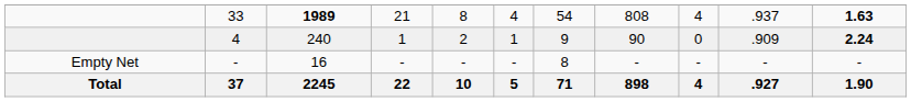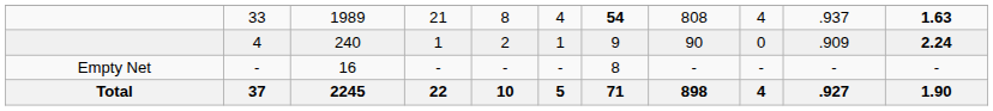 <table class="wikitable sortable" width ="1000">
 <tr align="center">
 </tr>
 <tr align="center">
 <td></td>
 <td>33</td>
-<td><strong>1989</strong></td>
+<td>1989</td>
 <td>21</td>
 <td>8</td>
 <td>4</td>
-<td>54</td>
+<td><strong>54</strong></td>
 <td>808</td>
 <td>4</td>
 <td>.937</td>
 <td><strong>1.63</strong></td>
 </tr>
 <tr align="center" bgcolor="#f0f0f0">
 <td></td>
 <td>4</td>
 <td>240</td>
 <td>1</td>
 <td>2</td>
 <td>1</td>
 <td>9</td>
 <td>90</td>
 <td>0</td>
 <td>.909</td>
 <td><strong>2.24</strong></td>
 </tr>
 <tr align="center" bgcolor="">
 <td>Empty Net</td>
 <td>-</td>
 <td>16</td>
 <td>-</td>
 <td>-</td>
 <td>-</td>
 <td>8</td>
 <td>-</td>
 <td>-</td>
 <td>-</td>
 <td>-</td>
 </tr>
 <tr>
 <th>Total</th>
 <th>37</th>
 <th>2245</th>
 <th>22</th>
 <th>10</th>
 <th>5</th>
 <th>71</th>
 <th>898</th>
 <th>4</th>
 <th>.927</th>
 <th>1.90</th>
 </tr>
 </table>
